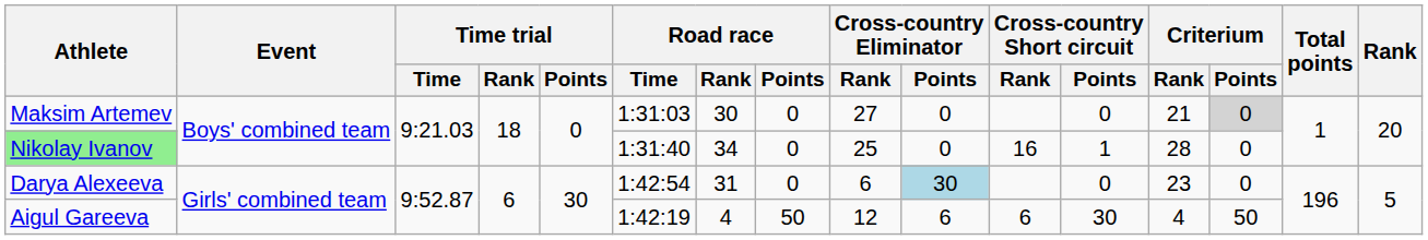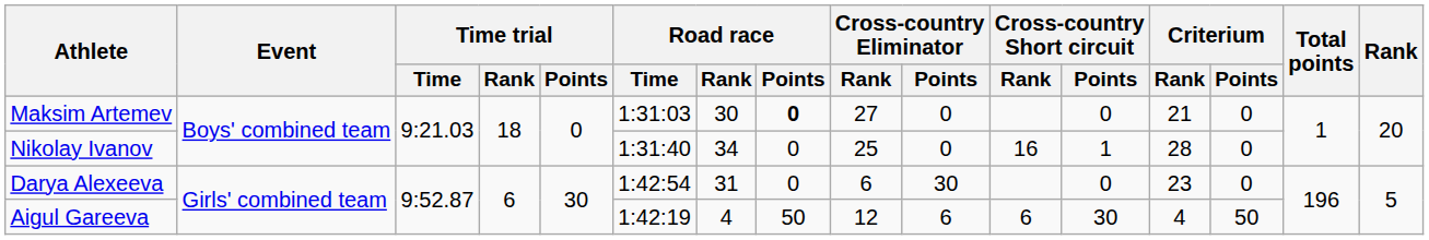 <table class="wikitable" style="text-align:center;font-size:90%">
 <tr>
 <th rowspan=2>Athlete</th>
 <th rowspan=2>Event</th>
 <th colspan=3>Time trial</th>
 <th colspan=3>Road race</th>
 <th colspan=2>Cross-country<br>Eliminator</th>
 <th colspan=2>Cross-country<br>Short circuit</th>
 <th colspan=2>Criterium</th>
 <th rowspan=2>Total<br>points</th>
 <th rowspan=2>Rank</th>
 </tr>
 <tr style="font-size:95%">
 <th>Time</th>
 <th>Rank</th>
 <th>Points</th>
 <th>Time</th>
 <th>Rank</th>
 <th>Points</th>
 <th>Rank</th>
 <th>Points</th>
 <th>Rank</th>
 <th>Points</th>
 <th>Rank</th>
 <th>Points</th>
 </tr>
 <tr>
 <td align=left><a href='#'>Maksim Artemev</a></td>
 <td rowspan=2 align=left><a href='#'>Boys' combined team</a></td>
 <td rowspan=2>9:21.03</td>
 <td rowspan=2>18</td>
 <td rowspan=2>0</td>
 <td>1:31:03</td>
 <td>30</td>
-<td>0</td>
+<td><strong>0</strong></td>
 <td>27</td>
 <td>0</td>
 <td></td>
 <td>0</td>
 <td>21</td>
-<td style="background: lightgrey;">0</td>
+<td>0</td>
 <td rowspan=2>1</td>
 <td rowspan=2>20</td>
 </tr>
 <tr>
-<td align=left style="background: lightgreen;"><a href='#'>Nikolay Ivanov</a></td>
+<td align=left><a href='#'>Nikolay Ivanov</a></td>
 <td>1:31:40</td>
 <td>34</td>
 <td>0</td>
 <td>25</td>
 <td>0</td>
 <td>16</td>
 <td>1</td>
 <td>28</td>
 <td>0</td>
 </tr>
 <tr>
 <td align=left><a href='#'>Darya Alexeeva</a></td>
 <td rowspan=2 align=left><a href='#'>Girls' combined team</a></td>
 <td rowspan=2>9:52.87</td>
 <td rowspan=2>6</td>
 <td rowspan=2>30</td>
 <td>1:42:54</td>
 <td>31</td>
 <td>0</td>
 <td>6</td>
-<td style="background: lightblue;">30</td>
+<td>30</td>
 <td></td>
 <td>0</td>
 <td>23</td>
 <td>0</td>
 <td rowspan=2>196</td>
 <td rowspan=2>5</td>
 </tr>
 <tr>
 <td align=left><a href='#'>Aigul Gareeva</a></td>
 <td>1:42:19</td>
 <td>4</td>
 <td>50</td>
 <td>12</td>
 <td>6</td>
 <td>6</td>
 <td>30</td>
 <td>4</td>
 <td>50</td>
 </tr>
 </table>
